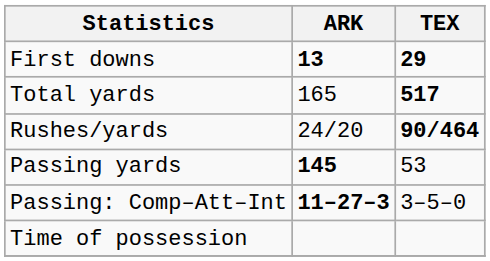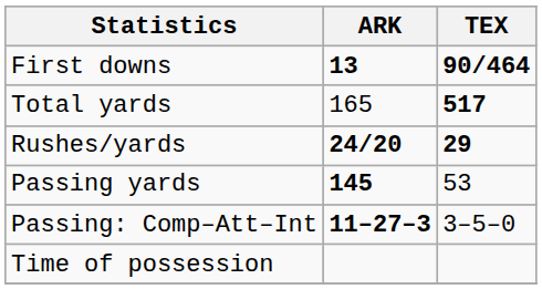 <table class="wikitable" style="float: left;">
 <tr>
 <th>Statistics</th>
 <th>ARK</th>
 <th>TEX</th>
 </tr>
 <tr>
 <td>First downs</td>
 <td><strong>13</strong></td>
-<td><strong>29</strong></td>
+<td><strong>90/464</strong></td>
 </tr>
 <tr>
 <td>Total yards</td>
 <td>165</td>
 <td><strong>517</strong></td>
 </tr>
 <tr>
 <td>Rushes/yards</td>
-<td>24/20</td>
-<td><strong>90/464</strong></td>
+<td><strong>24/20</strong></td>
+<td><strong>29</strong></td>
 </tr>
 <tr>
 <td>Passing yards</td>
 <td><strong>145</strong></td>
 <td>53</td>
 </tr>
 <tr>
 <td>Passing: Comp–Att–Int</td>
 <td><strong>11–27–3</strong></td>
 <td>3–5–0</td>
 </tr>
 <tr>
 <td>Time of possession</td>
 <td></td>
 <td></td>
 </tr>
 <tr>
 </tr>
 </table>
